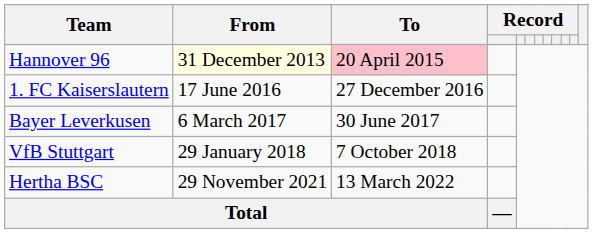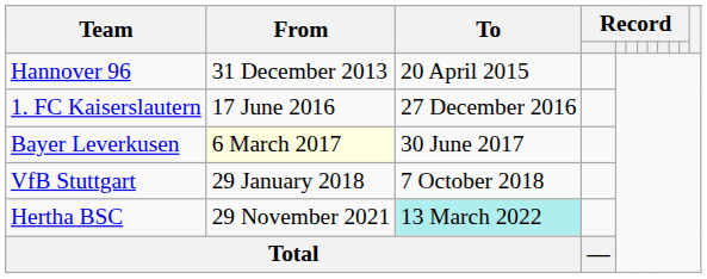 <table class="wikitable" style="text-align: center">
 <tr>
 <th rowspan="2">Team</th>
 <th rowspan="2">From</th>
 <th rowspan="2">To</th>
 <th colspan="8">Record</th>
 <th rowspan=2></th>
 </tr>
 <tr>
 <th></th>
 <th></th>
 <th></th>
 <th></th>
 <th></th>
 <th></th>
 <th></th>
 <th></th>
 </tr>
 <tr>
 <td align=left><a href='#'>Hannover 96</a></td>
-<td align=left style="background: lightyellow;">31 December 2013</td>
-<td align=left style="background: pink;">20 April 2015<br></td>
+<td align=left>31 December 2013</td>
+<td align=left>20 April 2015<br></td>
 <td></td>
 </tr>
 <tr>
 <td align=left><a href='#'>1. FC Kaiserslautern</a></td>
 <td align=left>17 June 2016</td>
 <td align=left>27 December 2016<br></td>
 <td></td>
 </tr>
 <tr>
 <td align=left><a href='#'>Bayer Leverkusen</a></td>
-<td align=left>6 March 2017</td>
+<td align=left style="background: lightyellow;">6 March 2017</td>
 <td align=left>30 June 2017<br></td>
 <td></td>
 </tr>
 <tr>
 <td align=left><a href='#'>VfB Stuttgart</a></td>
 <td align=left>29 January 2018</td>
 <td align=left>7 October 2018<br></td>
 <td></td>
 </tr>
 <tr>
 <td align=left><a href='#'>Hertha BSC</a></td>
 <td align=left>29 November 2021</td>
-<td align=left>13 March 2022<br></td>
+<td align=left style="background: paleturquoise;">13 March 2022<br></td>
 <td></td>
 </tr>
 <tr>
 <th colspan="3">Total<br></th>
 <th>—</th>
 </tr>
 </table>
